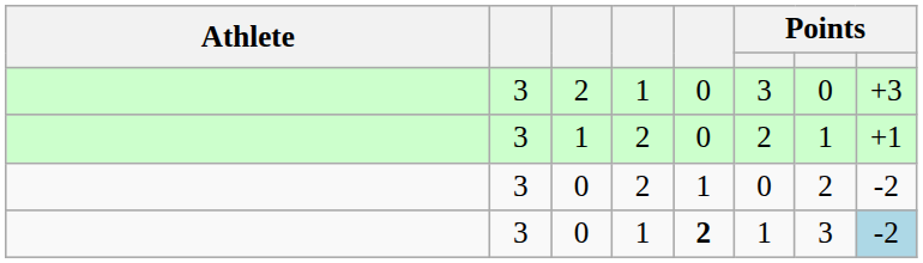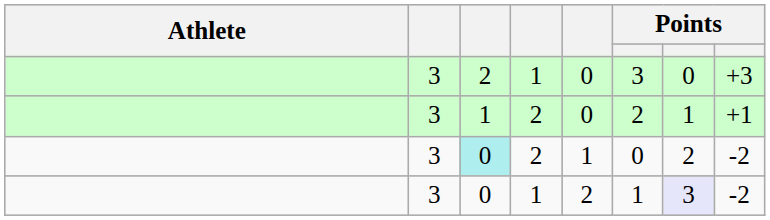 <table class="wikitable" style="text-align: center; font-size:100% ">
 <tr>
 <th rowspan=2 width=250>Athlete</th>
 <th rowspan=2 width=25></th>
 <th rowspan=2 width=25></th>
 <th rowspan=2 width=25></th>
 <th rowspan=2 width=25></th>
 <th colspan=3>Points</th>
 </tr>
 <tr>
 <th width=25></th>
 <th width=25></th>
 <th width=25></th>
 </tr>
 <tr bgcolor="ccffcc">
 <td align=left></td>
 <td>3</td>
 <td>2</td>
 <td>1</td>
 <td>0</td>
 <td>3</td>
 <td>0</td>
 <td>+3</td>
 </tr>
 <tr bgcolor="ccffcc">
 <td align=left></td>
 <td>3</td>
 <td>1</td>
 <td>2</td>
 <td>0</td>
 <td>2</td>
 <td>1</td>
 <td>+1</td>
 </tr>
 <tr>
 <td align=left></td>
 <td>3</td>
-<td>0</td>
+<td style="background: paleturquoise;">0</td>
 <td>2</td>
 <td>1</td>
 <td>0</td>
 <td>2</td>
 <td>-2</td>
 </tr>
 <tr>
 <td align=left></td>
 <td>3</td>
 <td>0</td>
 <td>1</td>
-<td><strong>2</strong></td>
+<td>2</td>
 <td>1</td>
-<td>3</td>
-<td style="background: lightblue;">-2</td>
+<td style="background: lavender;">3</td>
+<td>-2</td>
 </tr>
 </table>
